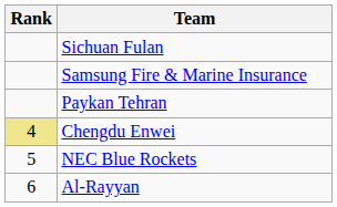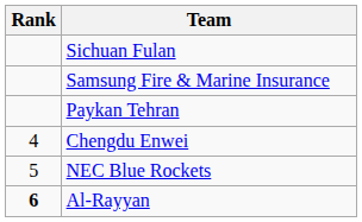 <table class="wikitable" style="text-align: center;">
 <tr>
 <th width=40>Rank</th>
 <th width=240>Team</th>
 </tr>
 <tr>
 <td></td>
 <td align="left"> <a href='#'>Sichuan Fulan</a></td>
 </tr>
 <tr>
 <td></td>
 <td align="left"> <a href='#'>Samsung Fire & Marine Insurance</a></td>
 </tr>
 <tr>
 <td></td>
 <td align="left"> <a href='#'>Paykan Tehran</a></td>
 </tr>
 <tr>
-<td style="background: khaki;">4</td>
+<td>4</td>
 <td align="left"> <a href='#'>Chengdu Enwei</a></td>
 </tr>
 <tr>
 <td>5</td>
 <td align="left"> <a href='#'>NEC Blue Rockets</a></td>
 </tr>
 <tr>
-<td>6</td>
+<td><strong>6</strong></td>
 <td align="left"> <a href='#'>Al-Rayyan</a></td>
 </tr>
 </table>
